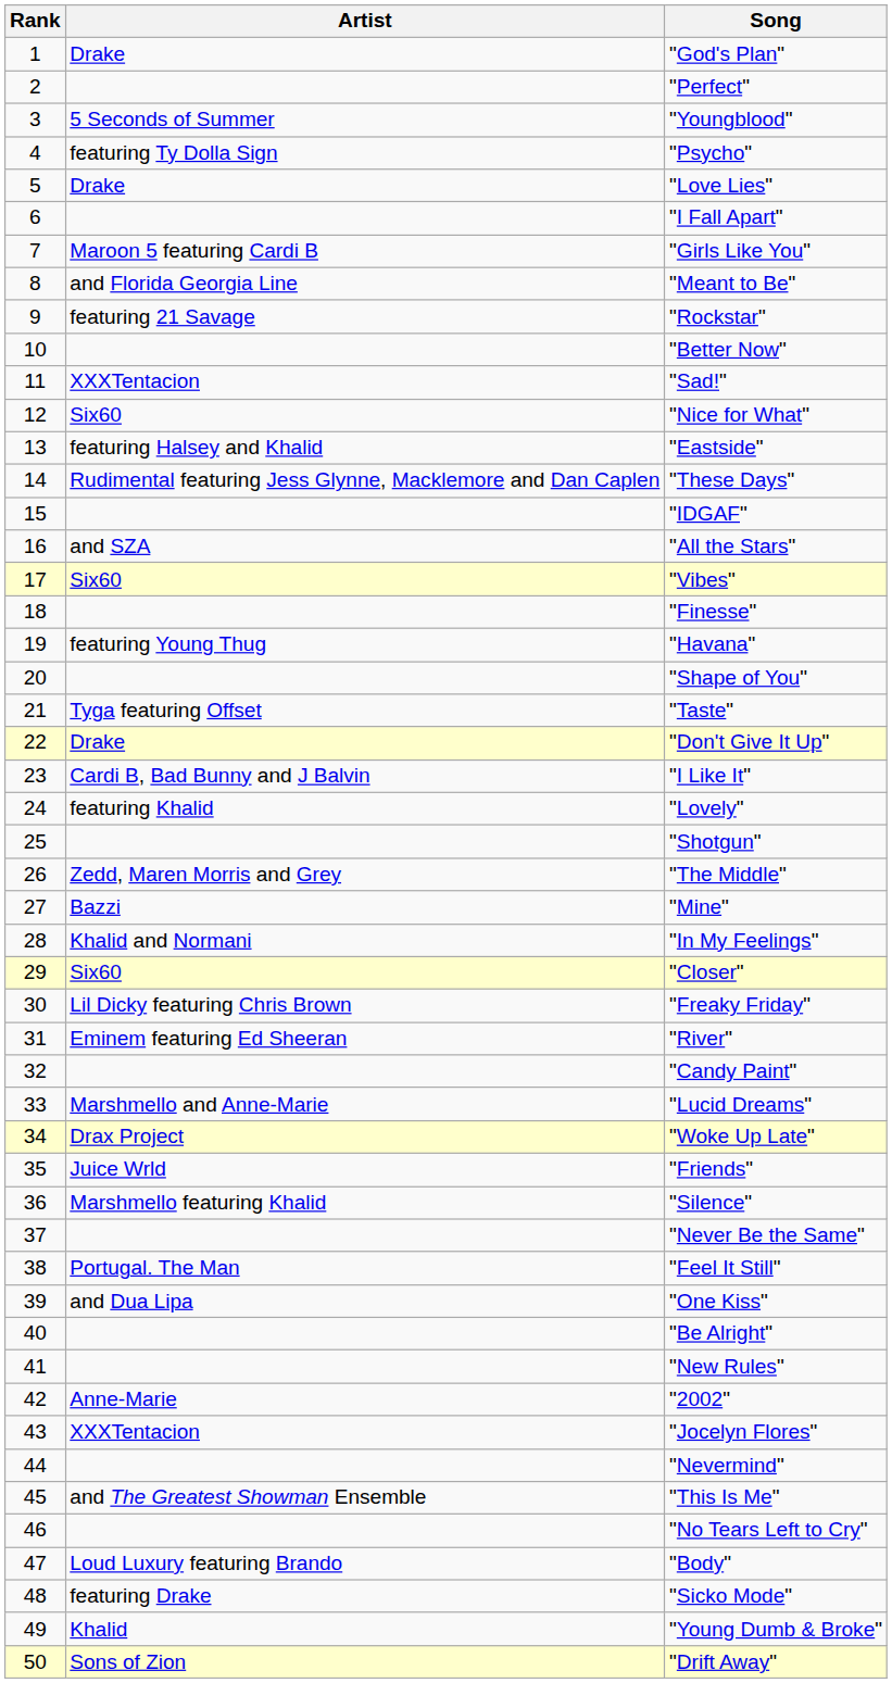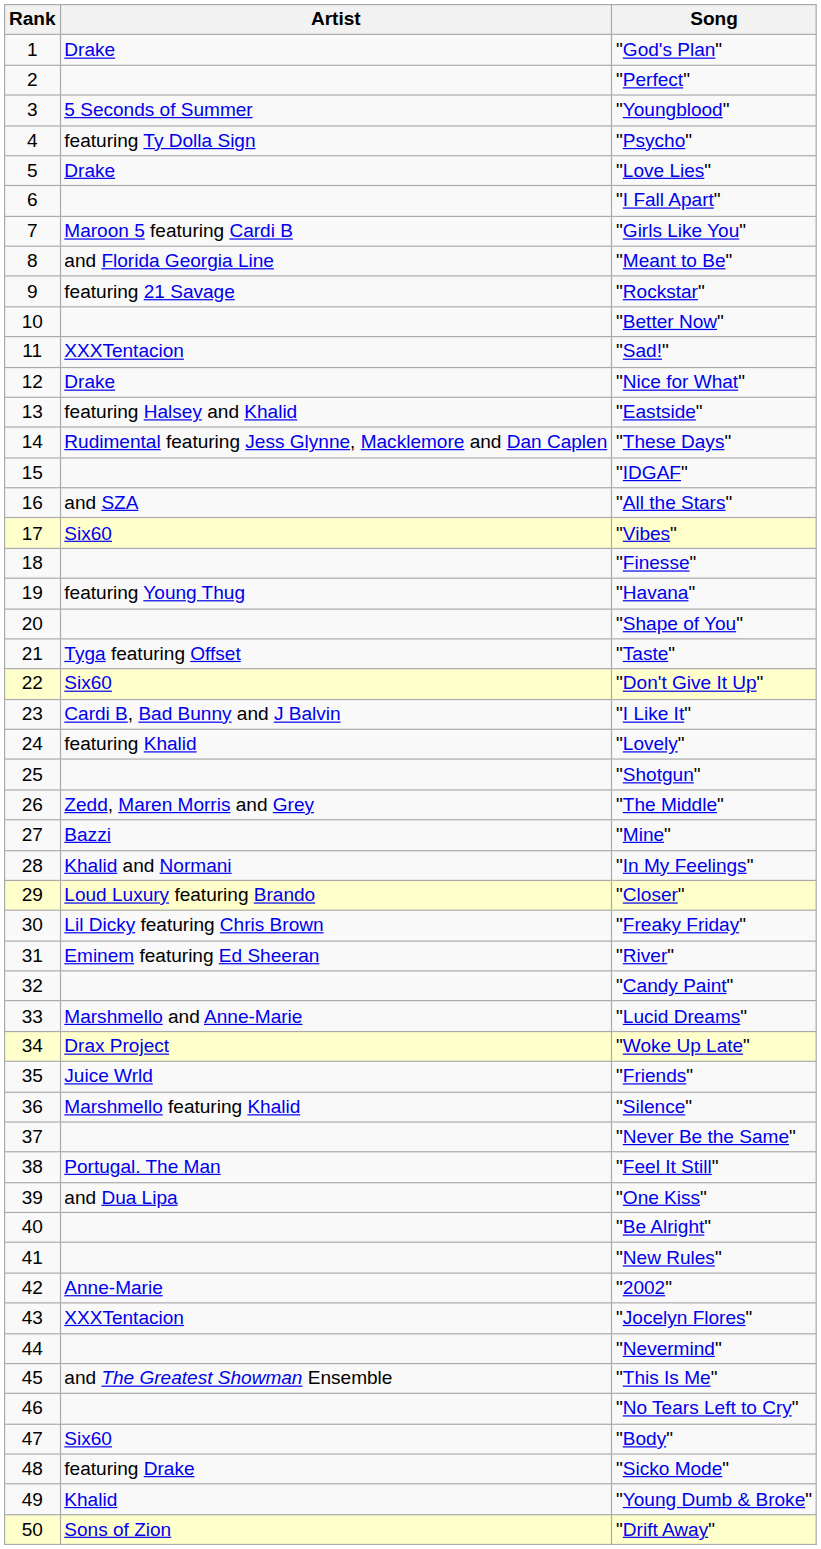 <table class="wikitable sortable">
 <tr>
 <th>Rank</th>
 <th>Artist</th>
 <th>Song</th>
 </tr>
 <tr>
 <td align="center">1</td>
 <td><a href='#'>Drake</a></td>
 <td>"<a href='#'>God's Plan</a>"</td>
 </tr>
 <tr>
 <td align="center">2</td>
 <td></td>
 <td>"<a href='#'>Perfect</a>"</td>
 </tr>
 <tr>
 <td align="center">3</td>
 <td><a href='#'>5 Seconds of Summer</a></td>
 <td>"<a href='#'>Youngblood</a>"</td>
 </tr>
 <tr>
 <td align="center">4</td>
 <td> featuring <a href='#'>Ty Dolla Sign</a></td>
 <td>"<a href='#'>Psycho</a>"</td>
 </tr>
 <tr>
 <td align="center">5</td>
 <td><a href='#'>Drake</a></td>
 <td>"<a href='#'>Love Lies</a>"</td>
 </tr>
 <tr>
 <td align="center">6</td>
 <td></td>
 <td>"<a href='#'>I Fall Apart</a>"</td>
 </tr>
 <tr>
 <td align="center">7</td>
 <td><a href='#'>Maroon 5</a> featuring <a href='#'>Cardi B</a></td>
 <td>"<a href='#'>Girls Like You</a>"</td>
 </tr>
 <tr>
 <td align="center">8</td>
 <td> and <a href='#'>Florida Georgia Line</a></td>
 <td>"<a href='#'>Meant to Be</a>"</td>
 </tr>
 <tr>
 <td align="center">9</td>
 <td> featuring <a href='#'>21 Savage</a></td>
 <td>"<a href='#'>Rockstar</a>"</td>
 </tr>
 <tr>
 <td align="center">10</td>
 <td></td>
 <td>"<a href='#'>Better Now</a>"</td>
 </tr>
 <tr>
 <td align="center">11</td>
 <td><a href='#'>XXXTentacion</a></td>
 <td>"<a href='#'>Sad!</a>"</td>
 </tr>
 <tr>
 <td align="center">12</td>
-<td><a href='#'>Six60</a></td>
+<td><a href='#'>Drake</a></td>
 <td>"<a href='#'>Nice for What</a>"</td>
 </tr>
 <tr>
 <td align="center">13</td>
 <td> featuring <a href='#'>Halsey</a> and <a href='#'>Khalid</a></td>
 <td>"<a href='#'>Eastside</a>"</td>
 </tr>
 <tr>
 <td align="center">14</td>
 <td><a href='#'>Rudimental</a> featuring <a href='#'>Jess Glynne</a>, <a href='#'>Macklemore</a> and <a href='#'>Dan Caplen</a></td>
 <td>"<a href='#'>These Days</a>"</td>
 </tr>
 <tr>
 <td align="center">15</td>
 <td></td>
 <td>"<a href='#'>IDGAF</a>"</td>
 </tr>
 <tr>
 <td align="center">16</td>
 <td> and <a href='#'>SZA</a></td>
 <td>"<a href='#'>All the Stars</a>"</td>
 </tr>
 <tr bgcolor="#FFFFCC">
 <td align="center">17</td>
 <td><a href='#'>Six60</a></td>
 <td>"<a href='#'>Vibes</a>"</td>
 </tr>
 <tr>
 <td align="center">18</td>
 <td></td>
 <td>"<a href='#'>Finesse</a>"</td>
 </tr>
 <tr>
 <td align="center">19</td>
 <td> featuring <a href='#'>Young Thug</a></td>
 <td>"<a href='#'>Havana</a>"</td>
 </tr>
 <tr>
 <td align="center">20</td>
 <td></td>
 <td>"<a href='#'>Shape of You</a>"</td>
 </tr>
 <tr>
 <td align="center">21</td>
 <td><a href='#'>Tyga</a> featuring <a href='#'>Offset</a></td>
 <td>"<a href='#'>Taste</a>"</td>
 </tr>
 <tr bgcolor="#FFFFCC">
 <td align="center">22</td>
-<td><a href='#'>Drake</a></td>
+<td><a href='#'>Six60</a></td>
 <td>"<a href='#'>Don't Give It Up</a>"</td>
 </tr>
 <tr>
 <td align="center">23</td>
 <td><a href='#'>Cardi B</a>, <a href='#'>Bad Bunny</a> and <a href='#'>J Balvin</a></td>
 <td>"<a href='#'>I Like It</a>"</td>
 </tr>
 <tr>
 <td align="center">24</td>
 <td> featuring <a href='#'>Khalid</a></td>
 <td>"<a href='#'>Lovely</a>"</td>
 </tr>
 <tr>
 <td align="center">25</td>
 <td></td>
 <td>"<a href='#'>Shotgun</a>"</td>
 </tr>
 <tr>
 <td align="center">26</td>
 <td><a href='#'>Zedd</a>, <a href='#'>Maren Morris</a> and <a href='#'>Grey</a></td>
 <td>"<a href='#'>The Middle</a>"</td>
 </tr>
 <tr>
 <td align="center">27</td>
 <td><a href='#'>Bazzi</a></td>
 <td>"<a href='#'>Mine</a>"</td>
 </tr>
 <tr>
 <td align="center">28</td>
 <td><a href='#'>Khalid</a> and <a href='#'>Normani</a></td>
 <td>"<a href='#'>In My Feelings</a>"</td>
 </tr>
 <tr bgcolor="#FFFFCC">
 <td align="center">29</td>
-<td><a href='#'>Six60</a></td>
+<td><a href='#'>Loud Luxury</a> featuring <a href='#'>Brando</a></td>
 <td>"<a href='#'>Closer</a>"</td>
 </tr>
 <tr>
 <td align="center">30</td>
 <td><a href='#'>Lil Dicky</a> featuring <a href='#'>Chris Brown</a></td>
 <td>"<a href='#'>Freaky Friday</a>"</td>
 </tr>
 <tr>
 <td align="center">31</td>
 <td><a href='#'>Eminem</a> featuring <a href='#'>Ed Sheeran</a></td>
 <td>"<a href='#'>River</a>"</td>
 </tr>
 <tr>
 <td align="center">32</td>
 <td></td>
 <td>"<a href='#'>Candy Paint</a>"</td>
 </tr>
 <tr>
 <td align="center">33</td>
 <td><a href='#'>Marshmello</a> and <a href='#'>Anne-Marie</a></td>
 <td>"<a href='#'>Lucid Dreams</a>"</td>
 </tr>
 <tr bgcolor="#FFFFCC">
 <td align="center">34</td>
 <td><a href='#'>Drax Project</a></td>
 <td>"<a href='#'>Woke Up Late</a>"</td>
 </tr>
 <tr>
 <td align="center">35</td>
 <td><a href='#'>Juice Wrld</a></td>
 <td>"<a href='#'>Friends</a>"</td>
 </tr>
 <tr>
 <td align="center">36</td>
 <td><a href='#'>Marshmello</a> featuring <a href='#'>Khalid</a></td>
 <td>"<a href='#'>Silence</a>"</td>
 </tr>
 <tr>
 <td align="center">37</td>
 <td></td>
 <td>"<a href='#'>Never Be the Same</a>"</td>
 </tr>
 <tr>
 <td align="center">38</td>
 <td><a href='#'>Portugal. The Man</a></td>
 <td>"<a href='#'>Feel It Still</a>"</td>
 </tr>
 <tr>
 <td align="center">39</td>
 <td> and <a href='#'>Dua Lipa</a></td>
 <td>"<a href='#'>One Kiss</a>"</td>
 </tr>
 <tr>
 <td align="center">40</td>
 <td></td>
 <td>"<a href='#'>Be Alright</a>"</td>
 </tr>
 <tr>
 <td align="center">41</td>
 <td></td>
 <td>"<a href='#'>New Rules</a>"</td>
 </tr>
 <tr>
 <td align="center">42</td>
 <td><a href='#'>Anne-Marie</a></td>
 <td>"<a href='#'>2002</a>"</td>
 </tr>
 <tr>
 <td align="center">43</td>
 <td><a href='#'>XXXTentacion</a></td>
 <td>"<a href='#'>Jocelyn Flores</a>"</td>
 </tr>
 <tr>
 <td align="center">44</td>
 <td></td>
 <td>"<a href='#'>Nevermind</a>"</td>
 </tr>
 <tr>
 <td align="center">45</td>
 <td> and <em><a href='#'>The Greatest Showman</a></em> Ensemble</td>
 <td>"<a href='#'>This Is Me</a>"</td>
 </tr>
 <tr>
 <td align="center">46</td>
 <td></td>
 <td>"<a href='#'>No Tears Left to Cry</a>"</td>
 </tr>
 <tr>
 <td align="center">47</td>
-<td><a href='#'>Loud Luxury</a> featuring <a href='#'>Brando</a></td>
+<td><a href='#'>Six60</a></td>
 <td>"<a href='#'>Body</a>"</td>
 </tr>
 <tr>
 <td align="center">48</td>
 <td> featuring <a href='#'>Drake</a></td>
 <td>"<a href='#'>Sicko Mode</a>"</td>
 </tr>
 <tr>
 <td align="center">49</td>
 <td><a href='#'>Khalid</a></td>
 <td>"<a href='#'>Young Dumb & Broke</a>"</td>
 </tr>
 <tr bgcolor="#FFFFCC">
 <td align="center">50</td>
 <td><a href='#'>Sons of Zion</a></td>
 <td>"<a href='#'>Drift Away</a>"</td>
 </tr>
 </table>
